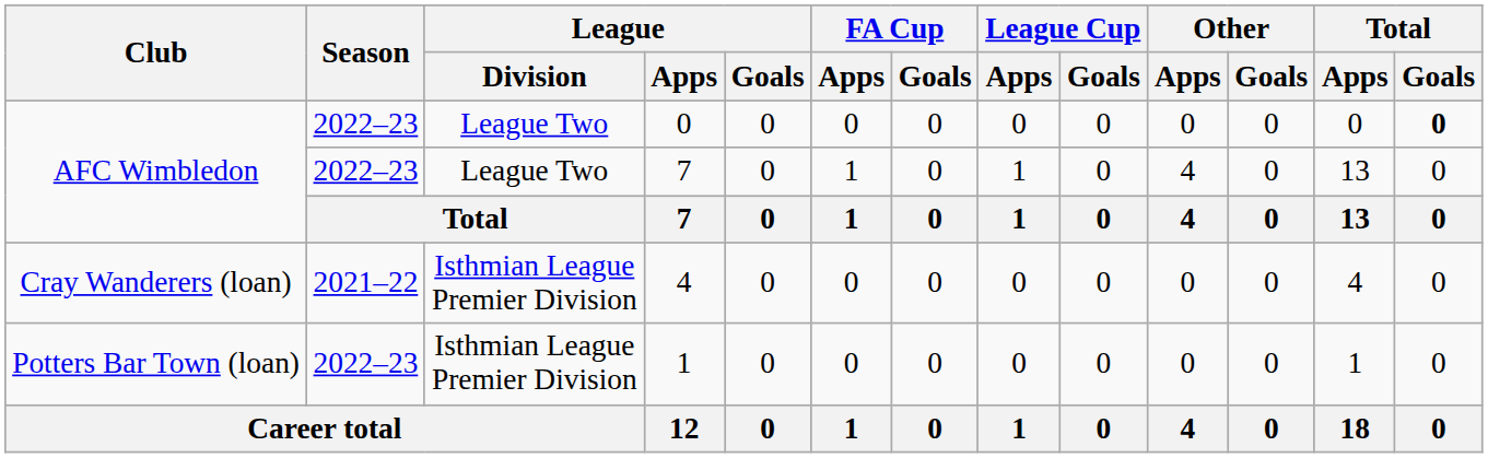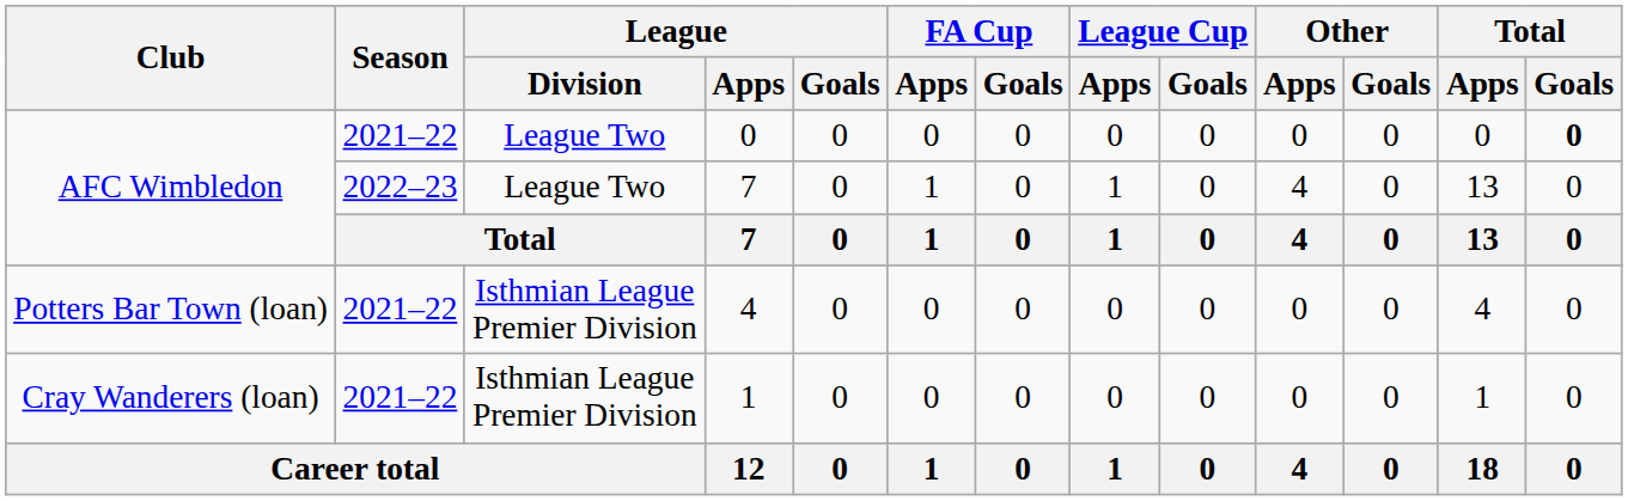 <table class="wikitable" style="text-align:center;">
 <tr>
 <th rowspan="2">Club</th>
 <th rowspan="2">Season</th>
 <th colspan="3">League</th>
 <th colspan="2"><a href='#'>FA Cup</a></th>
 <th colspan="2"><a href='#'>League Cup</a></th>
 <th colspan="2">Other</th>
 <th colspan="2">Total</th>
 </tr>
 <tr>
 <th>Division</th>
 <th>Apps</th>
 <th>Goals</th>
 <th>Apps</th>
 <th>Goals</th>
 <th>Apps</th>
 <th>Goals</th>
 <th>Apps</th>
 <th>Goals</th>
 <th>Apps</th>
 <th>Goals</th>
 </tr>
 <tr>
 <td rowspan="3"><a href='#'>AFC Wimbledon</a></td>
-<td><a href='#'>2022–23</a></td>
+<td><a href='#'>2021–22</a></td>
 <td><a href='#'>League Two</a></td>
 <td>0</td>
 <td>0</td>
 <td>0</td>
 <td>0</td>
 <td>0</td>
 <td>0</td>
 <td>0</td>
 <td>0</td>
 <td>0</td>
 <td><strong>0</strong></td>
 </tr>
 <tr>
 <td><a href='#'>2022–23</a></td>
 <td>League Two</td>
 <td>7</td>
 <td>0</td>
 <td>1</td>
 <td>0</td>
 <td>1</td>
 <td>0</td>
 <td>4</td>
 <td>0</td>
 <td>13</td>
 <td>0</td>
 </tr>
 <tr>
 <th colspan="2">Total</th>
 <th>7</th>
 <th>0</th>
 <th>1</th>
 <th>0</th>
 <th>1</th>
 <th>0</th>
 <th>4</th>
 <th>0</th>
 <th>13</th>
 <th>0</th>
 </tr>
 <tr>
-<td><a href='#'>Cray Wanderers</a> (loan)</td>
+<td><a href='#'>Potters Bar Town</a> (loan)</td>
 <td><a href='#'>2021–22</a></td>
 <td><a href='#'>Isthmian League</a><br>Premier Division</td>
 <td>4</td>
 <td>0</td>
 <td>0</td>
 <td>0</td>
 <td>0</td>
 <td>0</td>
 <td>0</td>
 <td>0</td>
 <td>4</td>
 <td>0</td>
 </tr>
 <tr>
-<td><a href='#'>Potters Bar Town</a> (loan)</td>
-<td><a href='#'>2022–23</a></td>
+<td><a href='#'>Cray Wanderers</a> (loan)</td>
+<td><a href='#'>2021–22</a></td>
 <td>Isthmian League<br>Premier Division</td>
 <td>1</td>
 <td>0</td>
 <td>0</td>
 <td>0</td>
 <td>0</td>
 <td>0</td>
 <td>0</td>
 <td>0</td>
 <td>1</td>
 <td>0</td>
 </tr>
 <tr>
 <th colspan="3">Career total</th>
 <th>12</th>
 <th>0</th>
 <th>1</th>
 <th>0</th>
 <th>1</th>
 <th>0</th>
 <th>4</th>
 <th>0</th>
 <th>18</th>
 <th>0</th>
 </tr>
 </table>
